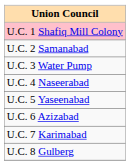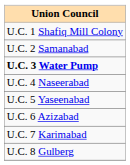 <table class="sortable wikitable" align="left">
 <tr>
 <th style="background:#ffdead;"><strong>Union Council</strong></th>
 </tr>
 <tr>
-<td style="background: pink; border-bottom:1px solid grey;">U.C. 1 <a href='#'>Shafiq Mill Colony</a></td>
+<td style="border-bottom:1px solid grey;">U.C. 1 <a href='#'>Shafiq Mill Colony</a></td>
 </tr>
 <tr>
 <td style="border-bottom:1px solid grey;">U.C. 2 <a href='#'>Samanabad</a></td>
 </tr>
 <tr>
-<td style="border-bottom:1px solid grey;">U.C. 3 <a href='#'>Water Pump</a></td>
+<td style="border-bottom:1px solid grey;"><strong>U.C. 3 <a href='#'>Water Pump</a></strong></td>
 </tr>
 <tr>
 <td style="border-bottom:1px solid grey;">U.C. 4 <a href='#'>Naseerabad</a></td>
 </tr>
 <tr>
 <td style="border-bottom:1px solid grey;">U.C. 5 <a href='#'>Yaseenabad</a></td>
 </tr>
 <tr>
 <td style="border-bottom:1px solid grey;">U.C. 6 <a href='#'>Azizabad</a></td>
 </tr>
 <tr>
 <td style="border-bottom:1px solid grey;">U.C. 7 <a href='#'>Karimabad</a></td>
 </tr>
 <tr>
 <td style="border-bottom:1px solid grey;">U.C. 8 <a href='#'>Gulberg</a></td>
 </tr>
 <tr>
 </tr>
 </table>
